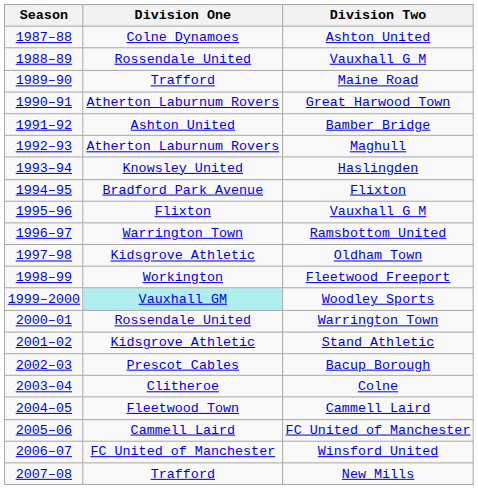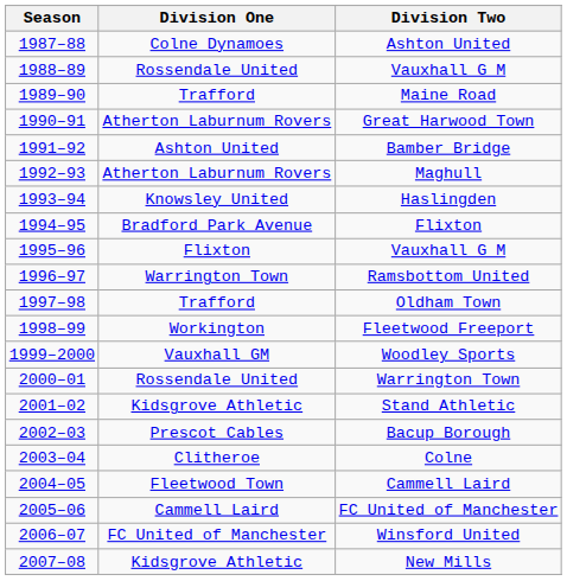 <table class="wikitable" style="text-align: center">
 <tr>
 </tr>
 <tr>
 <th>Season</th>
 <th>Division One</th>
 <th>Division Two</th>
 </tr>
 <tr>
 <td><a href='#'>1987–88</a></td>
 <td><a href='#'>Colne Dynamoes</a></td>
 <td><a href='#'>Ashton United</a></td>
 </tr>
 <tr>
 <td><a href='#'>1988–89</a></td>
 <td><a href='#'>Rossendale United</a></td>
 <td><a href='#'>Vauxhall G M</a></td>
 </tr>
 <tr>
 <td><a href='#'>1989–90</a></td>
 <td><a href='#'>Trafford</a></td>
 <td><a href='#'>Maine Road</a></td>
 </tr>
 <tr>
 <td><a href='#'>1990–91</a></td>
 <td><a href='#'>Atherton Laburnum Rovers</a></td>
 <td><a href='#'>Great Harwood Town</a></td>
 </tr>
 <tr>
 <td><a href='#'>1991–92</a></td>
 <td><a href='#'>Ashton United</a></td>
 <td><a href='#'>Bamber Bridge</a></td>
 </tr>
 <tr>
 <td><a href='#'>1992–93</a></td>
 <td><a href='#'>Atherton Laburnum Rovers</a></td>
 <td><a href='#'>Maghull</a></td>
 </tr>
 <tr>
 <td><a href='#'>1993–94</a></td>
 <td><a href='#'>Knowsley United</a></td>
 <td><a href='#'>Haslingden</a></td>
 </tr>
 <tr>
 <td><a href='#'>1994–95</a></td>
 <td><a href='#'>Bradford Park Avenue</a></td>
 <td><a href='#'>Flixton</a></td>
 </tr>
 <tr>
 <td><a href='#'>1995–96</a></td>
 <td><a href='#'>Flixton</a></td>
 <td><a href='#'>Vauxhall G M</a></td>
 </tr>
 <tr>
 <td><a href='#'>1996–97</a></td>
 <td><a href='#'>Warrington Town</a></td>
 <td><a href='#'>Ramsbottom United</a></td>
 </tr>
 <tr>
 <td><a href='#'>1997–98</a></td>
-<td><a href='#'>Kidsgrove Athletic</a></td>
+<td><a href='#'>Trafford</a></td>
 <td><a href='#'>Oldham Town</a></td>
 </tr>
 <tr>
 <td><a href='#'>1998–99</a></td>
 <td><a href='#'>Workington</a></td>
 <td><a href='#'>Fleetwood Freeport</a></td>
 </tr>
 <tr>
 <td><a href='#'>1999–2000</a></td>
-<td style="background: paleturquoise;"><a href='#'>Vauxhall GM</a></td>
+<td><a href='#'>Vauxhall GM</a></td>
 <td><a href='#'>Woodley Sports</a></td>
 </tr>
 <tr>
 <td><a href='#'>2000–01</a></td>
 <td><a href='#'>Rossendale United</a></td>
 <td><a href='#'>Warrington Town</a></td>
 </tr>
 <tr>
 <td><a href='#'>2001–02</a></td>
 <td><a href='#'>Kidsgrove Athletic</a></td>
 <td><a href='#'>Stand Athletic</a></td>
 </tr>
 <tr>
 <td><a href='#'>2002–03</a></td>
 <td><a href='#'>Prescot Cables</a></td>
 <td><a href='#'>Bacup Borough</a></td>
 </tr>
 <tr>
 <td><a href='#'>2003–04</a></td>
 <td><a href='#'>Clitheroe</a></td>
 <td><a href='#'>Colne</a></td>
 </tr>
 <tr>
 <td><a href='#'>2004–05</a></td>
 <td><a href='#'>Fleetwood Town</a></td>
 <td><a href='#'>Cammell Laird</a></td>
 </tr>
 <tr>
 <td><a href='#'>2005–06</a></td>
 <td><a href='#'>Cammell Laird</a></td>
 <td><a href='#'>FC United of Manchester</a></td>
 </tr>
 <tr>
 <td><a href='#'>2006–07</a></td>
 <td><a href='#'>FC United of Manchester</a></td>
 <td><a href='#'>Winsford United</a></td>
 </tr>
 <tr>
 <td><a href='#'>2007–08</a></td>
-<td><a href='#'>Trafford</a></td>
+<td><a href='#'>Kidsgrove Athletic</a></td>
 <td><a href='#'>New Mills</a></td>
 </tr>
 <tr>
 </tr>
 </table>
